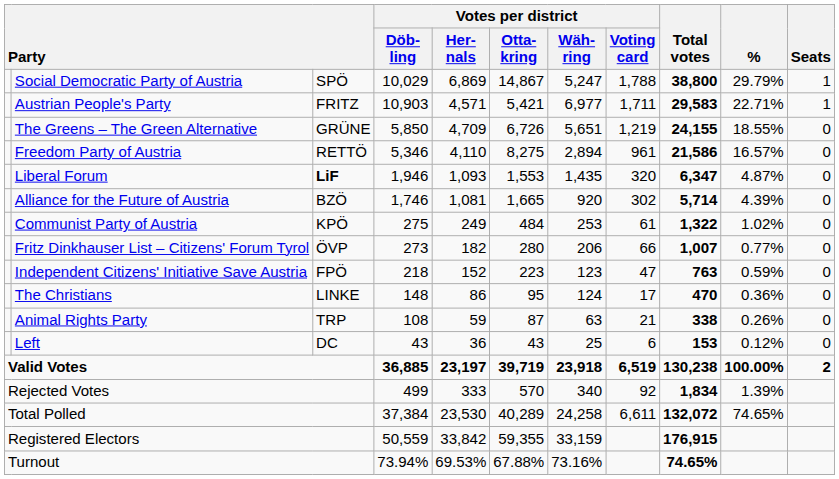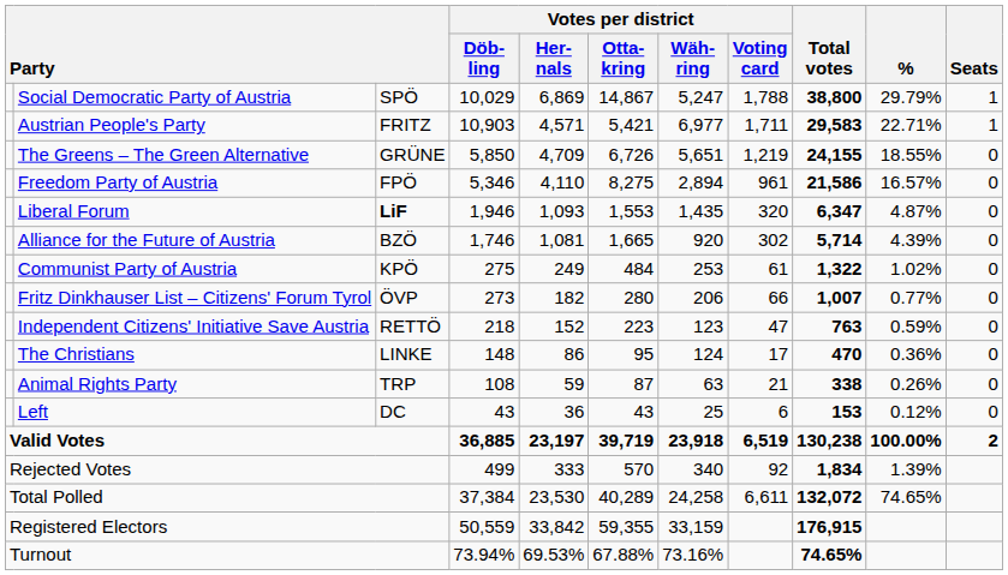 <table class="wikitable" border="1" style="text-align:right;">
 <tr>
 <th style="text-align:left;" valign=bottom rowspan=2 colspan=3>Party</th>
 <th colspan=5>Votes per district</th>
 <th align=center valign=bottom rowspan=2 width="50">Total<br>votes</th>
 <th align=center valign=bottom rowspan=2 width="50">%</th>
 <th align=center valign=bottom rowspan=2>Seats</th>
 </tr>
 <tr>
 <th align=center valign=bottom width="50"><a href='#'>Döb-<br>ling</a></th>
 <th align=center valign=bottom width="50"><a href='#'>Her-<br>nals</a></th>
 <th align=center valign=bottom width="50"><a href='#'>Otta-<br>kring</a></th>
 <th align=center valign=bottom width="50"><a href='#'>Wäh-<br>ring</a></th>
 <th align=center valign=bottom width="50"><a href='#'>Voting<br>card</a></th>
 </tr>
 <tr>
 <td></td>
 <td align=left><a href='#'>Social Democratic Party of Austria</a></td>
 <td align=left>SPÖ</td>
 <td>10,029</td>
 <td>6,869</td>
 <td>14,867</td>
 <td>5,247</td>
 <td>1,788</td>
 <td><strong>38,800</strong></td>
 <td>29.79%</td>
 <td>1</td>
 </tr>
 <tr>
 <td></td>
 <td align=left><a href='#'>Austrian People's Party</a></td>
 <td align=left>FRITZ</td>
 <td>10,903</td>
 <td>4,571</td>
 <td>5,421</td>
 <td>6,977</td>
 <td>1,711</td>
 <td><strong>29,583</strong></td>
 <td>22.71%</td>
 <td>1</td>
 </tr>
 <tr>
 <td></td>
 <td align=left style="white-space: nowrap;"><a href='#'>The Greens – The Green Alternative</a></td>
 <td align=left>GRÜNE</td>
 <td>5,850</td>
 <td>4,709</td>
 <td>6,726</td>
 <td>5,651</td>
 <td>1,219</td>
 <td><strong>24,155</strong></td>
 <td>18.55%</td>
 <td>0</td>
 </tr>
 <tr>
 <td></td>
 <td align=left><a href='#'>Freedom Party of Austria</a></td>
-<td align=left>RETTÖ</td>
+<td align=left>FPÖ</td>
 <td>5,346</td>
 <td>4,110</td>
 <td>8,275</td>
 <td>2,894</td>
 <td>961</td>
 <td><strong>21,586</strong></td>
 <td>16.57%</td>
 <td>0</td>
 </tr>
 <tr>
 <td></td>
 <td align=left><a href='#'>Liberal Forum</a></td>
 <td align=left><strong>LiF</strong></td>
 <td>1,946</td>
 <td>1,093</td>
 <td>1,553</td>
 <td>1,435</td>
 <td>320</td>
 <td><strong>6,347</strong></td>
 <td>4.87%</td>
 <td>0</td>
 </tr>
 <tr>
 <td></td>
 <td align=left><a href='#'>Alliance for the Future of Austria</a></td>
 <td align=left>BZÖ</td>
 <td>1,746</td>
 <td>1,081</td>
 <td>1,665</td>
 <td>920</td>
 <td>302</td>
 <td><strong>5,714</strong></td>
 <td>4.39%</td>
 <td>0</td>
 </tr>
 <tr>
 <td></td>
 <td align=left><a href='#'>Communist Party of Austria</a></td>
 <td align=left>KPÖ</td>
 <td>275</td>
 <td>249</td>
 <td>484</td>
 <td>253</td>
 <td>61</td>
 <td><strong>1,322</strong></td>
 <td>1.02%</td>
 <td>0</td>
 </tr>
 <tr>
 <td></td>
 <td align=left><a href='#'>Fritz Dinkhauser List – Citizens' Forum Tyrol </a></td>
 <td align=left>ÖVP</td>
 <td>273</td>
 <td>182</td>
 <td>280</td>
 <td>206</td>
 <td>66</td>
 <td><strong>1,007</strong></td>
 <td>0.77%</td>
 <td>0</td>
 </tr>
 <tr>
 <td></td>
 <td align=left><a href='#'>Independent Citizens' Initiative Save Austria</a></td>
-<td align=left>FPÖ</td>
+<td align=left>RETTÖ</td>
 <td>218</td>
 <td>152</td>
 <td>223</td>
 <td>123</td>
 <td>47</td>
 <td><strong>763</strong></td>
 <td>0.59%</td>
 <td>0</td>
 </tr>
 <tr>
 <td></td>
 <td align=left><a href='#'>The Christians</a></td>
 <td align=left>LINKE</td>
 <td>148</td>
 <td>86</td>
 <td>95</td>
 <td>124</td>
 <td>17</td>
 <td><strong>470</strong></td>
 <td>0.36%</td>
 <td>0</td>
 </tr>
 <tr>
 <td></td>
 <td align=left><a href='#'>Animal Rights Party</a></td>
 <td align=left>TRP</td>
 <td>108</td>
 <td>59</td>
 <td>87</td>
 <td>63</td>
 <td>21</td>
 <td><strong>338</strong></td>
 <td>0.26%</td>
 <td>0</td>
 </tr>
 <tr>
 <td></td>
 <td align=left><a href='#'>Left</a></td>
 <td align=left>DC</td>
 <td>43</td>
 <td>36</td>
 <td>43</td>
 <td>25</td>
 <td>6</td>
 <td><strong>153</strong></td>
 <td>0.12%</td>
 <td>0</td>
 </tr>
 <tr style="font-weight:bold">
 <td align=left colspan=3>Valid Votes</td>
 <td>36,885</td>
 <td>23,197</td>
 <td>39,719</td>
 <td>23,918</td>
 <td>6,519</td>
 <td>130,238</td>
 <td>100.00%</td>
 <td>2</td>
 </tr>
 <tr>
 <td align=left colspan=3>Rejected Votes</td>
 <td>499</td>
 <td>333</td>
 <td>570</td>
 <td>340</td>
 <td>92</td>
 <td><strong>1,834</strong></td>
 <td>1.39%</td>
 <td></td>
 </tr>
 <tr>
 <td align=left colspan=3>Total Polled</td>
 <td>37,384</td>
 <td>23,530</td>
 <td>40,289</td>
 <td>24,258</td>
 <td>6,611</td>
 <td><strong>132,072</strong></td>
 <td>74.65%</td>
 <td></td>
 </tr>
 <tr>
 <td align=left colspan=3>Registered Electors</td>
 <td>50,559</td>
 <td>33,842</td>
 <td>59,355</td>
 <td>33,159</td>
 <td></td>
 <td><strong>176,915</strong></td>
 <td></td>
 <td></td>
 </tr>
 <tr>
 <td align=left colspan=3>Turnout</td>
 <td>73.94%</td>
 <td>69.53%</td>
 <td>67.88%</td>
 <td>73.16%</td>
 <td></td>
 <td><strong>74.65%</strong></td>
 <td></td>
 <td></td>
 </tr>
 </table>
